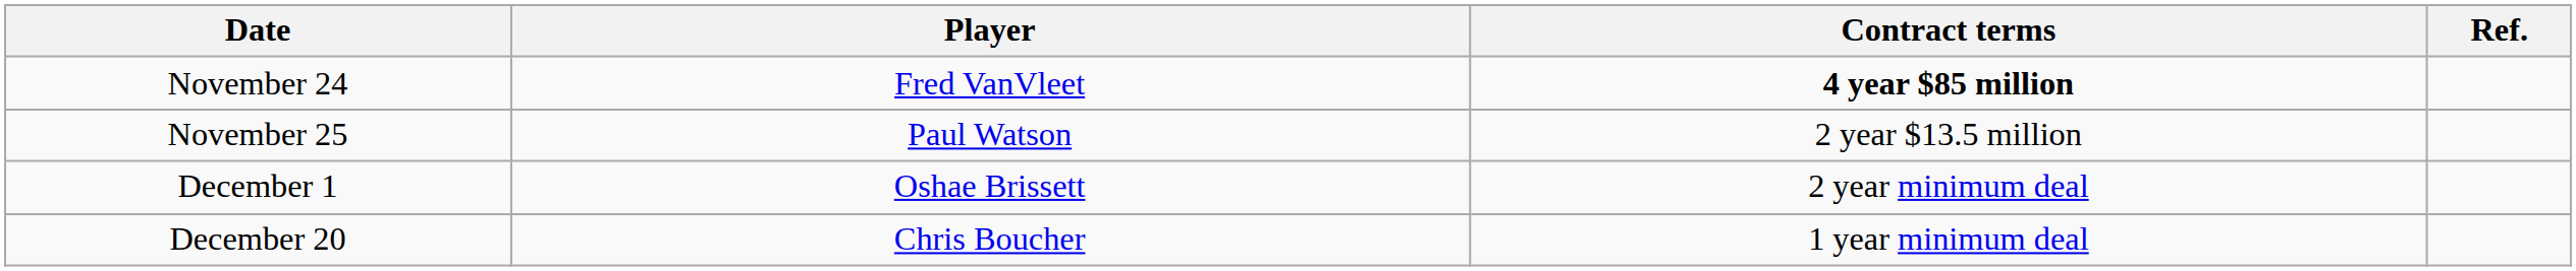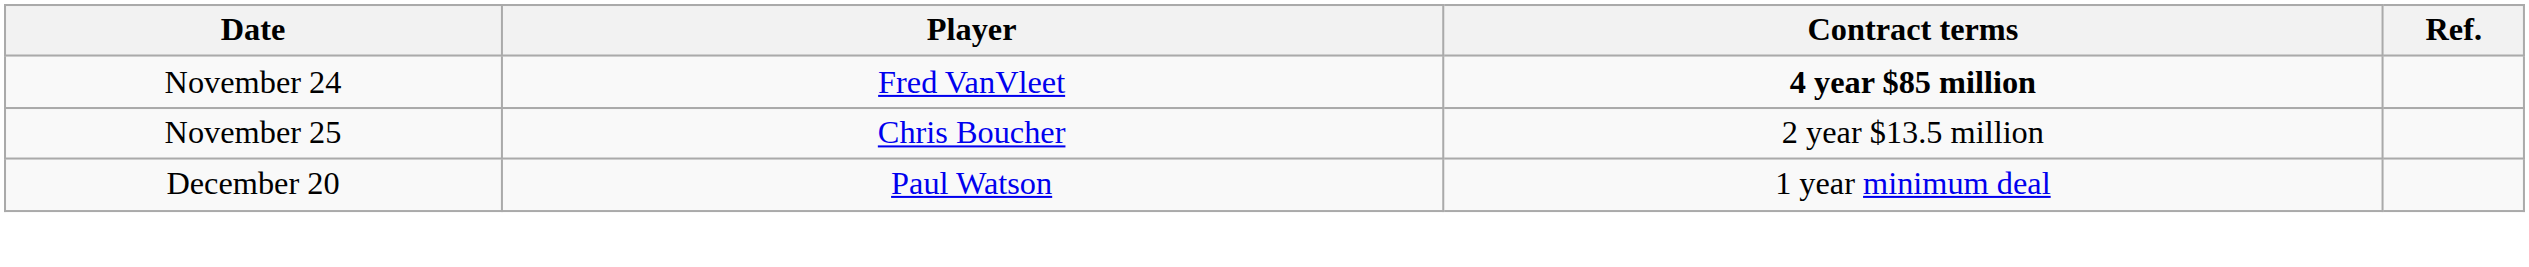 <table class="wikitable sortable sortable" style="text-align: center">
 <tr>
 <th width="5%">Date</th>
 <th width="10%">Player</th>
 <th width="10%">Contract terms</th>
 <th class="unsortable" width="1%">Ref.</th>
 </tr>
 <tr>
 <td>November 24</td>
 <td><a href='#'>Fred VanVleet</a></td>
 <td><strong>4 year $85 million</strong></td>
 <td></td>
 </tr>
 <tr>
 <td>November 25</td>
-<td><a href='#'>Paul Watson</a></td>
+<td><a href='#'>Chris Boucher</a></td>
 <td>2 year $13.5 million</td>
 <td></td>
 </tr>
 <tr>
-<td>December 1</td>
-<td><a href='#'>Oshae Brissett</a></td>
-<td>2 year <a href='#'>minimum deal</a></td>
-<td></td>
-</tr>
-<tr>
 <td>December 20</td>
-<td><a href='#'>Chris Boucher</a></td>
+<td><a href='#'>Paul Watson</a></td>
 <td>1 year <a href='#'>minimum deal</a></td>
 <td></td>
 </tr>
 </table>
